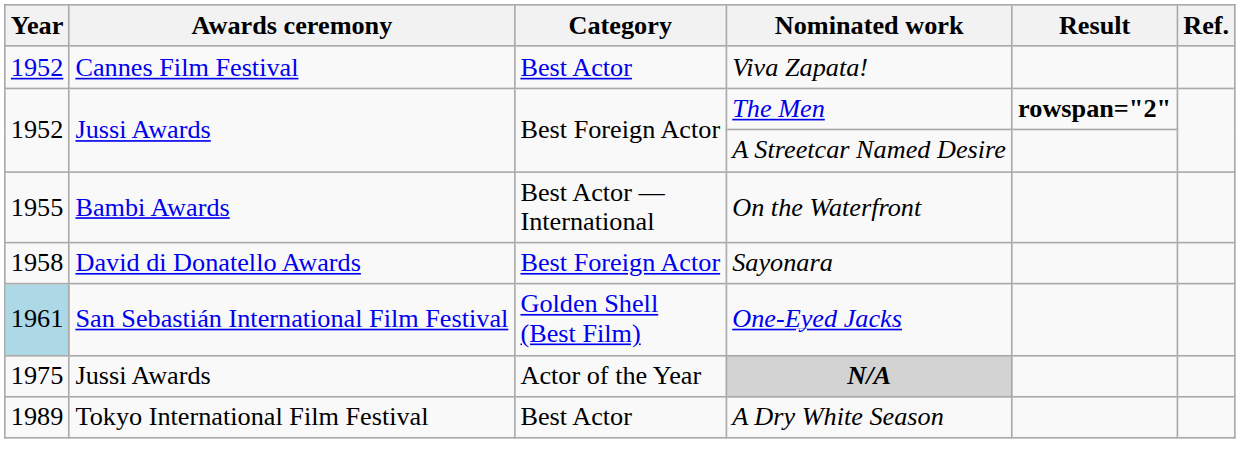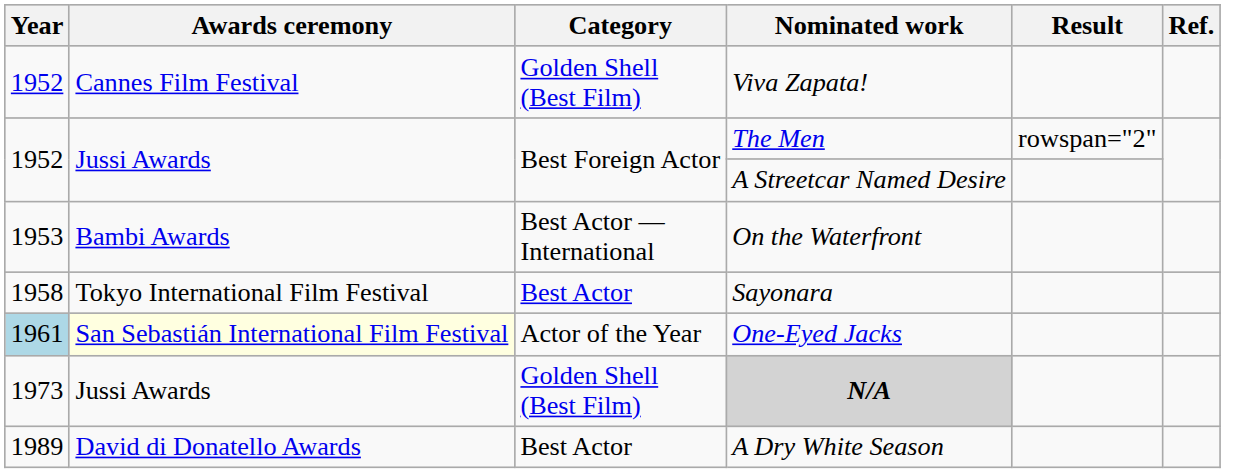 <table class=wikitable>
 <tr>
 <th>Year</th>
 <th>Awards ceremony</th>
 <th>Category</th>
 <th>Nominated work</th>
 <th>Result</th>
 <th>Ref.</th>
 </tr>
 <tr>
 <td style="text-align:center;"><a href='#'>1952</a></td>
 <td><a href='#'>Cannes Film Festival</a></td>
-<td><a href='#'>Best Actor</a></td>
+<td><a href='#'>Golden Shell<br>(Best Film)</a></td>
 <td><em>Viva Zapata!</em></td>
 <td></td>
 <td style="text-align:center;"></td>
 </tr>
 <tr>
 <td style="text-align:center;" rowspan="2">1952</td>
 <td rowspan="2"><a href='#'>Jussi Awards</a></td>
 <td rowspan="2">Best Foreign Actor</td>
 <td><em><a href='#'>The Men</a></em></td>
-<td><strong>rowspan="2" </strong></td>
+<td>rowspan="2" </td>
 <td style="text-align:center;" rowspan="2"></td>
 </tr>
 <tr>
 <td><em>A Streetcar Named Desire</em></td>
 </tr>
 <tr>
-<td style="text-align:center;">1955</td>
+<td style="text-align:center;">1953</td>
 <td><a href='#'>Bambi Awards</a></td>
 <td>Best Actor —<br>International</td>
 <td><em>On the Waterfront</em></td>
 <td></td>
 <td style="text-align:center;"></td>
 </tr>
 <tr>
 <td style="text-align:center;">1958</td>
-<td><a href='#'>David di Donatello Awards</a></td>
-<td><a href='#'>Best Foreign Actor</a></td>
+<td>Tokyo International Film Festival</td>
+<td><a href='#'>Best Actor</a></td>
 <td><em>Sayonara</em></td>
 <td></td>
 <td style="text-align:center;"></td>
 </tr>
 <tr>
 <td style="background: lightblue; text-align:center;">1961</td>
-<td><a href='#'>San Sebastián International Film Festival</a></td>
-<td><a href='#'>Golden Shell<br>(Best Film)</a></td>
+<td style="background: lightyellow;"><a href='#'>San Sebastián International Film Festival</a></td>
+<td>Actor of the Year</td>
 <td><em><a href='#'>One-Eyed Jacks</a></em></td>
 <td></td>
 <td style="text-align:center;"></td>
 </tr>
 <tr>
-<td style="text-align:center;">1975</td>
+<td style="text-align:center;">1973</td>
 <td>Jussi Awards</td>
-<td>Actor of the Year</td>
+<td><a href='#'>Golden Shell<br>(Best Film)</a></td>
 <td colspan="1" bgcolor="lightgray" style="text-align:center;"><strong><em>N/A</em></strong></td>
 <td></td>
 <td style="text-align:center;"></td>
 </tr>
 <tr>
 <td style="text-align:center;">1989</td>
-<td>Tokyo International Film Festival</td>
+<td><a href='#'>David di Donatello Awards</a></td>
 <td>Best Actor</td>
 <td><em>A Dry White Season</em></td>
 <td></td>
 <td style="text-align:center;"></td>
 </tr>
 </table>
